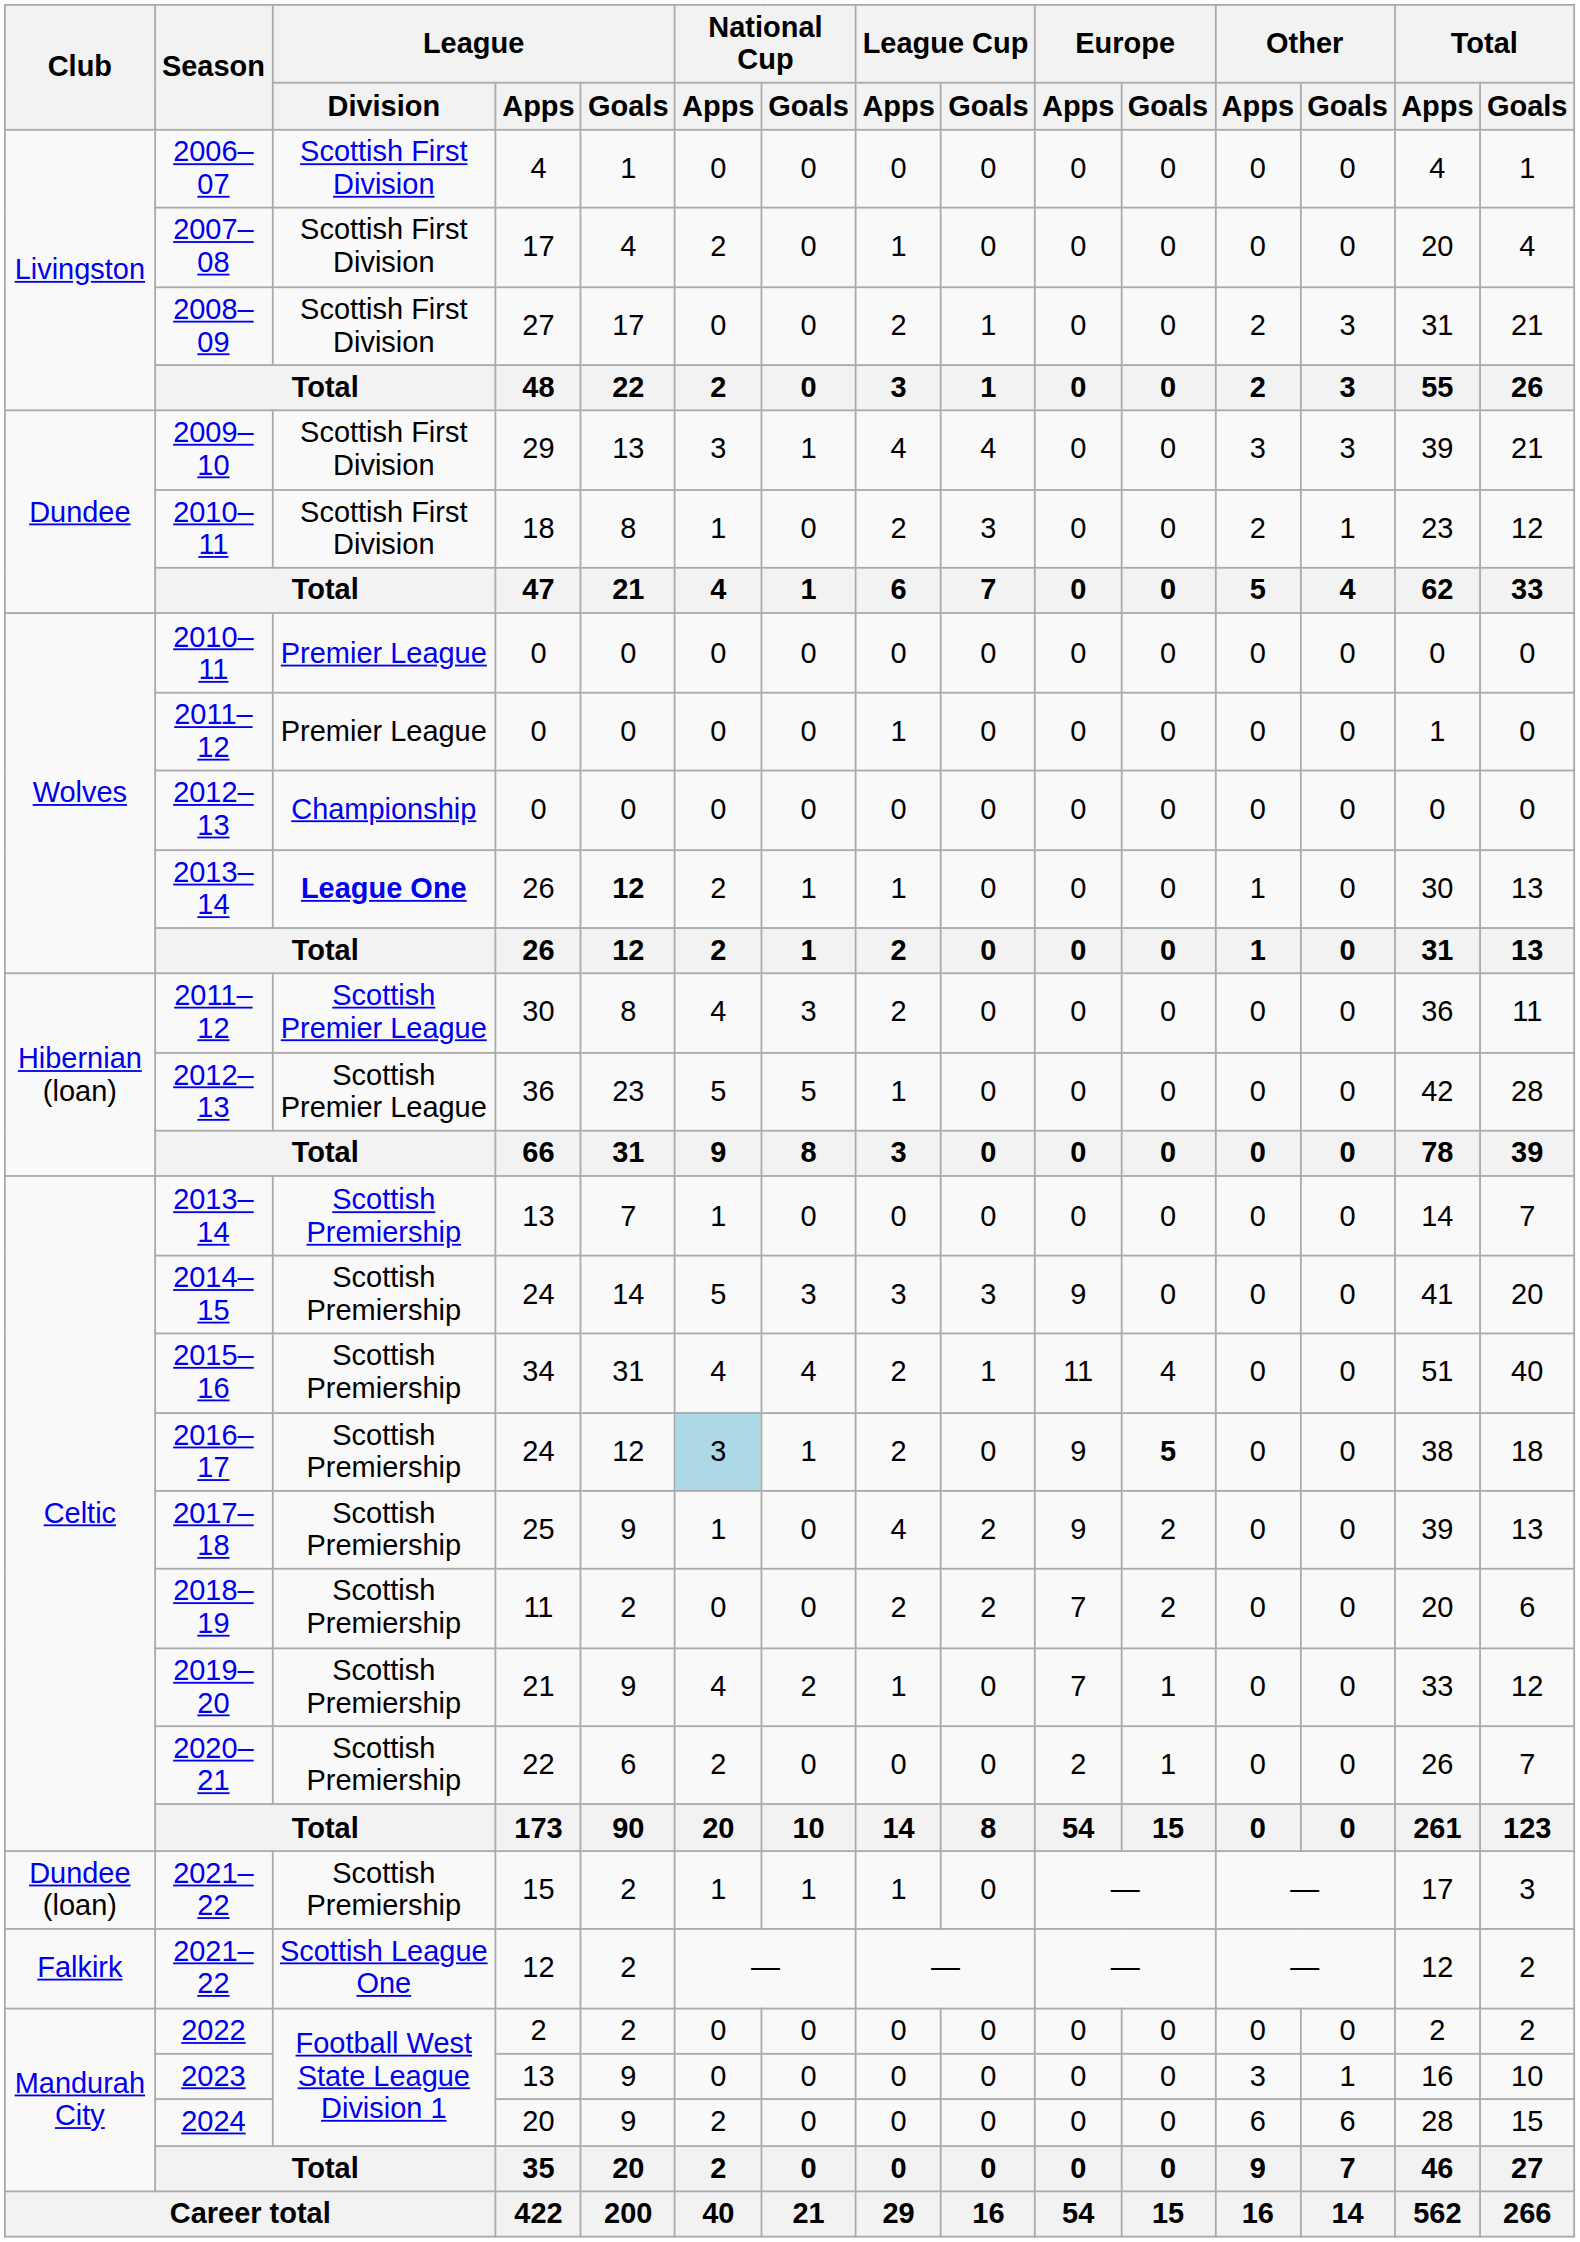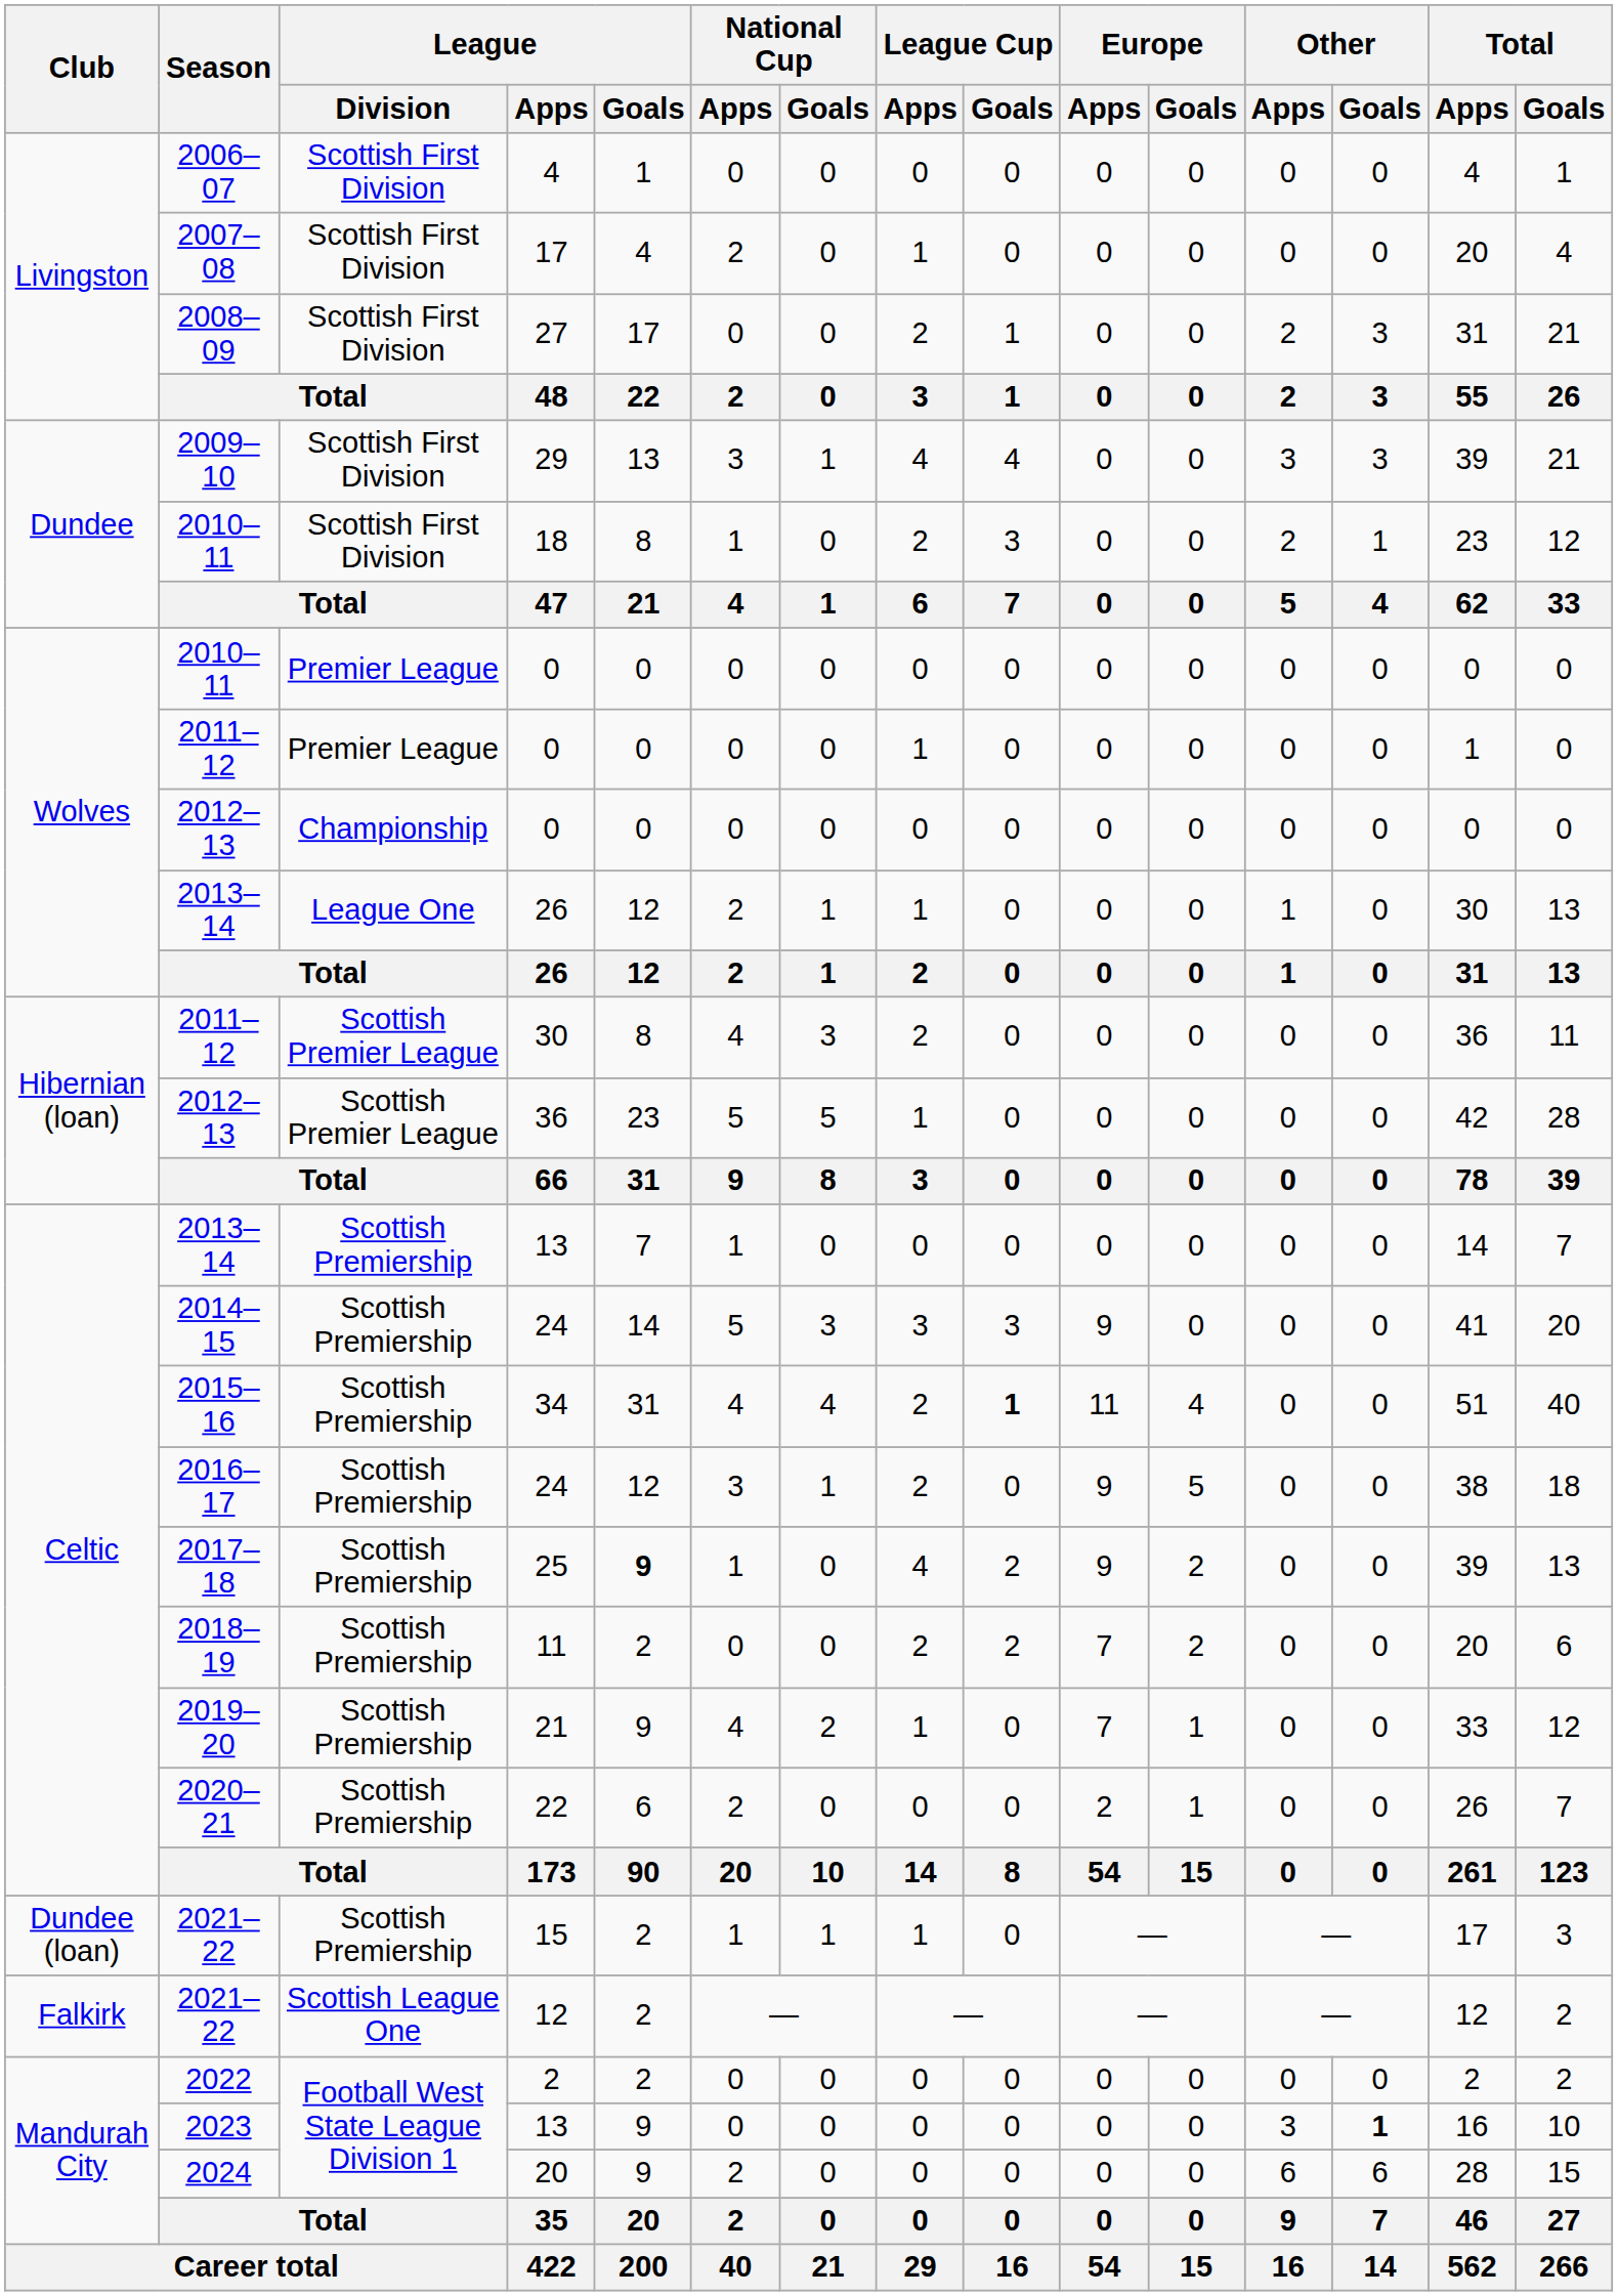 <table class="wikitable" style="text-align:center">
 <tr>
 <th rowspan="2">Club</th>
 <th rowspan="2">Season</th>
 <th colspan="3">League</th>
 <th colspan="2">National Cup</th>
 <th colspan="2">League Cup</th>
 <th colspan="2">Europe</th>
 <th colspan="2">Other</th>
 <th colspan="2">Total</th>
 </tr>
 <tr>
 <th>Division</th>
 <th>Apps</th>
 <th>Goals</th>
 <th>Apps</th>
 <th>Goals</th>
 <th>Apps</th>
 <th>Goals</th>
 <th>Apps</th>
 <th>Goals</th>
 <th>Apps</th>
 <th>Goals</th>
 <th>Apps</th>
 <th>Goals</th>
 </tr>
 <tr>
 <td rowspan="4"><a href='#'>Livingston</a></td>
 <td><a href='#'>2006–07</a></td>
 <td><a href='#'>Scottish First Division</a></td>
 <td>4</td>
 <td>1</td>
 <td>0</td>
 <td>0</td>
 <td>0</td>
 <td>0</td>
 <td>0</td>
 <td>0</td>
 <td>0</td>
 <td>0</td>
 <td>4</td>
 <td>1</td>
 </tr>
 <tr>
 <td><a href='#'>2007–08</a></td>
 <td>Scottish First Division</td>
 <td>17</td>
 <td>4</td>
 <td>2</td>
 <td>0</td>
 <td>1</td>
 <td>0</td>
 <td>0</td>
 <td>0</td>
 <td>0</td>
 <td>0</td>
 <td>20</td>
 <td>4</td>
 </tr>
 <tr>
 <td><a href='#'>2008–09</a></td>
 <td>Scottish First Division</td>
 <td>27</td>
 <td>17</td>
 <td>0</td>
 <td>0</td>
 <td>2</td>
 <td>1</td>
 <td>0</td>
 <td>0</td>
 <td>2</td>
 <td>3</td>
 <td>31</td>
 <td>21</td>
 </tr>
 <tr>
 <th colspan=2>Total</th>
 <th>48</th>
 <th>22</th>
 <th>2</th>
 <th>0</th>
 <th>3</th>
 <th>1</th>
 <th>0</th>
 <th>0</th>
 <th>2</th>
 <th>3</th>
 <th>55</th>
 <th>26</th>
 </tr>
 <tr>
 <td rowspan="3"><a href='#'>Dundee</a></td>
 <td><a href='#'>2009–10</a></td>
 <td>Scottish First Division</td>
 <td>29</td>
 <td>13</td>
 <td>3</td>
 <td>1</td>
 <td>4</td>
 <td>4</td>
 <td>0</td>
 <td>0</td>
 <td>3</td>
 <td>3</td>
 <td>39</td>
 <td>21</td>
 </tr>
 <tr>
 <td><a href='#'>2010–11</a></td>
 <td>Scottish First Division</td>
 <td>18</td>
 <td>8</td>
 <td>1</td>
 <td>0</td>
 <td>2</td>
 <td>3</td>
 <td>0</td>
 <td>0</td>
 <td>2</td>
 <td>1</td>
 <td>23</td>
 <td>12</td>
 </tr>
 <tr>
 <th colspan="2">Total</th>
 <th>47</th>
 <th>21</th>
 <th>4</th>
 <th>1</th>
 <th>6</th>
 <th>7</th>
 <th>0</th>
 <th>0</th>
 <th>5</th>
 <th>4</th>
 <th>62</th>
 <th>33</th>
 </tr>
 <tr>
 <td rowspan="5"><a href='#'>Wolves</a></td>
 <td><a href='#'>2010–11</a></td>
 <td><a href='#'>Premier League</a></td>
 <td>0</td>
 <td>0</td>
 <td>0</td>
 <td>0</td>
 <td>0</td>
 <td>0</td>
 <td>0</td>
 <td>0</td>
 <td>0</td>
 <td>0</td>
 <td>0</td>
 <td>0</td>
 </tr>
 <tr>
 <td><a href='#'>2011–12</a></td>
 <td>Premier League</td>
 <td>0</td>
 <td>0</td>
 <td>0</td>
 <td>0</td>
 <td>1</td>
 <td>0</td>
 <td>0</td>
 <td>0</td>
 <td>0</td>
 <td>0</td>
 <td>1</td>
 <td>0</td>
 </tr>
 <tr>
 <td><a href='#'>2012–13</a></td>
 <td><a href='#'>Championship</a></td>
 <td>0</td>
 <td>0</td>
 <td>0</td>
 <td>0</td>
 <td>0</td>
 <td>0</td>
 <td>0</td>
 <td>0</td>
 <td>0</td>
 <td>0</td>
 <td>0</td>
 <td>0</td>
 </tr>
 <tr>
 <td><a href='#'>2013–14</a></td>
-<td><strong><a href='#'>League One</a></strong></td>
+<td><a href='#'>League One</a></td>
 <td>26</td>
-<td><strong>12</strong></td>
+<td>12</td>
 <td>2</td>
 <td>1</td>
 <td>1</td>
 <td>0</td>
 <td>0</td>
 <td>0</td>
 <td>1</td>
 <td>0</td>
 <td>30</td>
 <td>13</td>
 </tr>
 <tr>
 <th colspan="2">Total</th>
 <th>26</th>
 <th>12</th>
 <th>2</th>
 <th>1</th>
 <th>2</th>
 <th>0</th>
 <th>0</th>
 <th>0</th>
 <th>1</th>
 <th>0</th>
 <th>31</th>
 <th>13</th>
 </tr>
 <tr>
 <td rowspan="3"><a href='#'>Hibernian</a> (loan)</td>
 <td><a href='#'>2011–12</a></td>
 <td><a href='#'>Scottish Premier League</a></td>
 <td>30</td>
 <td>8</td>
 <td>4</td>
 <td>3</td>
 <td>2</td>
 <td>0</td>
 <td>0</td>
 <td>0</td>
 <td>0</td>
 <td>0</td>
 <td>36</td>
 <td>11</td>
 </tr>
 <tr>
 <td><a href='#'>2012–13</a></td>
 <td>Scottish Premier League</td>
 <td>36</td>
 <td>23</td>
 <td>5</td>
 <td>5</td>
 <td>1</td>
 <td>0</td>
 <td>0</td>
 <td>0</td>
 <td>0</td>
 <td>0</td>
 <td>42</td>
 <td>28</td>
 </tr>
 <tr>
 <th colspan="2">Total</th>
 <th>66</th>
 <th>31</th>
 <th>9</th>
 <th>8</th>
 <th>3</th>
 <th>0</th>
 <th>0</th>
 <th>0</th>
 <th>0</th>
 <th>0</th>
 <th>78</th>
 <th>39</th>
 </tr>
 <tr>
 <td rowspan="9"><a href='#'>Celtic</a></td>
 <td><a href='#'>2013–14</a></td>
 <td><a href='#'>Scottish Premiership</a></td>
 <td>13</td>
 <td>7</td>
 <td>1</td>
 <td>0</td>
 <td>0</td>
 <td>0</td>
 <td>0</td>
 <td>0</td>
 <td>0</td>
 <td>0</td>
 <td>14</td>
 <td>7</td>
 </tr>
 <tr>
 <td><a href='#'>2014–15</a></td>
 <td>Scottish Premiership</td>
 <td>24</td>
 <td>14</td>
 <td>5</td>
 <td>3</td>
 <td>3</td>
 <td>3</td>
 <td>9</td>
 <td>0</td>
 <td>0</td>
 <td>0</td>
 <td>41</td>
 <td>20</td>
 </tr>
 <tr>
 <td><a href='#'>2015–16</a></td>
 <td>Scottish Premiership</td>
 <td>34</td>
 <td>31</td>
 <td>4</td>
 <td>4</td>
 <td>2</td>
-<td>1</td>
+<td><strong>1</strong></td>
 <td>11</td>
 <td>4</td>
 <td>0</td>
 <td>0</td>
 <td>51</td>
 <td>40</td>
 </tr>
 <tr>
 <td><a href='#'>2016–17</a></td>
 <td>Scottish Premiership</td>
 <td>24</td>
 <td>12</td>
-<td style="background: lightblue;">3</td>
+<td>3</td>
 <td>1</td>
 <td>2</td>
 <td>0</td>
 <td>9</td>
-<td><strong>5</strong></td>
+<td>5</td>
 <td>0</td>
 <td>0</td>
 <td>38</td>
 <td>18</td>
 </tr>
 <tr>
 <td><a href='#'>2017–18</a></td>
 <td>Scottish Premiership</td>
 <td>25</td>
-<td>9</td>
+<td><strong>9</strong></td>
 <td>1</td>
 <td>0</td>
 <td>4</td>
 <td>2</td>
 <td>9</td>
 <td>2</td>
 <td>0</td>
 <td>0</td>
 <td>39</td>
 <td>13</td>
 </tr>
 <tr>
 <td><a href='#'>2018–19</a></td>
 <td>Scottish Premiership</td>
 <td>11</td>
 <td>2</td>
 <td>0</td>
 <td>0</td>
 <td>2</td>
 <td>2</td>
 <td>7</td>
 <td>2</td>
 <td>0</td>
 <td>0</td>
 <td>20</td>
 <td>6</td>
 </tr>
 <tr>
 <td><a href='#'>2019–20</a></td>
 <td>Scottish Premiership</td>
 <td>21</td>
 <td>9</td>
 <td>4</td>
 <td>2</td>
 <td>1</td>
 <td>0</td>
 <td>7</td>
 <td>1</td>
 <td>0</td>
 <td>0</td>
 <td>33</td>
 <td>12</td>
 </tr>
 <tr>
 <td><a href='#'>2020–21</a></td>
 <td>Scottish Premiership</td>
 <td>22</td>
 <td>6</td>
 <td>2</td>
 <td>0</td>
 <td>0</td>
 <td>0</td>
 <td>2</td>
 <td>1</td>
 <td>0</td>
 <td>0</td>
 <td>26</td>
 <td>7</td>
 </tr>
 <tr>
 <th colspan="2">Total</th>
 <th>173</th>
 <th>90</th>
 <th>20</th>
 <th>10</th>
 <th>14</th>
 <th>8</th>
 <th>54</th>
 <th>15</th>
 <th>0</th>
 <th>0</th>
 <th>261</th>
 <th>123</th>
 </tr>
 <tr>
 <td><a href='#'>Dundee</a> (loan)</td>
 <td><a href='#'>2021–22</a></td>
 <td>Scottish Premiership</td>
 <td>15</td>
 <td>2</td>
 <td>1</td>
 <td>1</td>
 <td>1</td>
 <td>0</td>
 <td colspan="2">—</td>
 <td colspan="2">—</td>
 <td>17</td>
 <td>3</td>
 </tr>
 <tr>
 <td><a href='#'>Falkirk</a></td>
 <td><a href='#'>2021–22</a></td>
 <td><a href='#'>Scottish League One</a></td>
 <td>12</td>
 <td>2</td>
 <td colspan="2">—</td>
 <td colspan="2">—</td>
 <td colspan="2">—</td>
 <td colspan="2">—</td>
 <td>12</td>
 <td>2</td>
 </tr>
 <tr>
 <td rowspan="4"><a href='#'>Mandurah City</a></td>
 <td><a href='#'>2022</a></td>
 <td rowspan="3"><a href='#'>Football West State League Division 1</a></td>
 <td>2</td>
 <td>2</td>
 <td>0</td>
 <td>0</td>
 <td>0</td>
 <td>0</td>
 <td>0</td>
 <td>0</td>
 <td>0</td>
 <td>0</td>
 <td>2</td>
 <td>2</td>
 </tr>
 <tr>
 <td><a href='#'>2023</a></td>
 <td>13</td>
 <td>9</td>
 <td>0</td>
 <td>0</td>
 <td>0</td>
 <td>0</td>
 <td>0</td>
 <td>0</td>
 <td>3</td>
-<td>1</td>
+<td><strong>1</strong></td>
 <td>16</td>
 <td>10</td>
 </tr>
 <tr>
 <td><a href='#'>2024</a></td>
 <td>20</td>
 <td>9</td>
 <td>2</td>
 <td>0</td>
 <td>0</td>
 <td>0</td>
 <td>0</td>
 <td>0</td>
 <td>6</td>
 <td>6</td>
 <td>28</td>
 <td>15</td>
 </tr>
 <tr>
 <th colspan="2">Total</th>
 <th>35</th>
 <th>20</th>
 <th>2</th>
 <th>0</th>
 <th>0</th>
 <th>0</th>
 <th>0</th>
 <th>0</th>
 <th>9</th>
 <th>7</th>
 <th>46</th>
 <th>27</th>
 </tr>
 <tr>
 <th colspan="3">Career total</th>
 <th>422</th>
 <th>200</th>
 <th>40</th>
 <th>21</th>
 <th>29</th>
 <th>16</th>
 <th>54</th>
 <th>15</th>
 <th>16</th>
 <th>14</th>
 <th>562</th>
 <th>266</th>
 </tr>
 </table>
